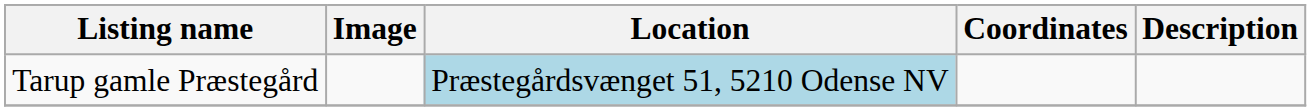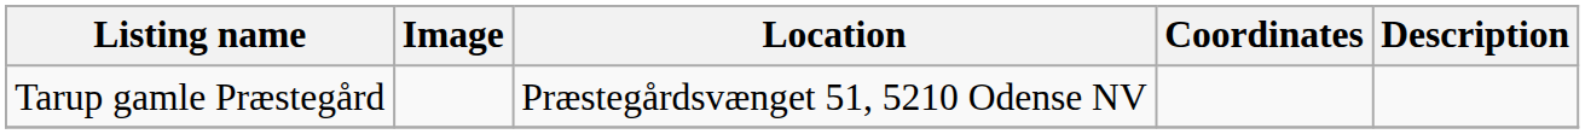 <table class="wikitable sortable">
 <tr>
 <th>Listing name</th>
 <th>Image</th>
 <th>Location</th>
 <th>Coordinates</th>
 <th>Description</th>
 </tr>
 <tr>
 <td>Tarup gamle Præstegård</td>
 <td></td>
-<td style="background: lightblue;">Præstegårdsvænget 51, 5210 Odense NV</td>
+<td>Præstegårdsvænget 51, 5210 Odense NV</td>
 <td></td>
 <td></td>
 </tr>
 <tr>
 </tr>
 </table>
